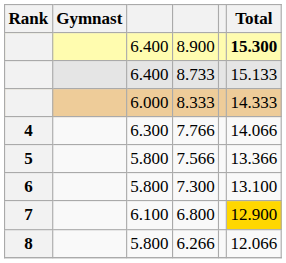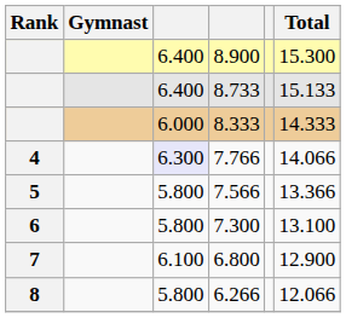 <table class="wikitable sortable" style="text-align:center; font-size:95%">
 <tr>
 <th scope=col>Rank</th>
 <th scope=col>Gymnast</th>
 <th scope=col></th>
 <th scope=col></th>
 <th scope=col></th>
 <th scope=col>Total</th>
 </tr>
 <tr bgcolor=fffcaf>
 <th scope=row style="text-align:center"></th>
 <td align=left></td>
 <td>6.400</td>
 <td>8.900</td>
 <td></td>
-<td><strong>15.300</strong></td>
+<td>15.300</td>
 </tr>
 <tr bgcolor=e5e5e5>
 <th scope=row style="text-align:center"></th>
 <td align=left></td>
 <td>6.400</td>
 <td>8.733</td>
 <td></td>
 <td>15.133</td>
 </tr>
 <tr bgcolor=eecc99>
 <th scope=row style="text-align:center"></th>
 <td align=left></td>
 <td>6.000</td>
 <td>8.333</td>
 <td></td>
 <td>14.333</td>
 </tr>
 <tr>
 <th scope=row style="text-align:center">4</th>
 <td align=left></td>
-<td>6.300</td>
+<td style="background: lavender;">6.300</td>
 <td>7.766</td>
 <td></td>
 <td>14.066</td>
 </tr>
 <tr>
 <th scope=row style="text-align:center">5</th>
 <td align=left></td>
 <td>5.800</td>
 <td>7.566</td>
 <td></td>
 <td>13.366</td>
 </tr>
 <tr>
 <th scope=row style="text-align:center">6</th>
 <td align=left></td>
 <td>5.800</td>
 <td>7.300</td>
 <td></td>
 <td>13.100</td>
 </tr>
 <tr>
 <th scope=row style="text-align:center">7</th>
 <td align=left></td>
 <td>6.100</td>
 <td>6.800</td>
 <td></td>
-<td style="background: gold;">12.900</td>
+<td>12.900</td>
 </tr>
 <tr>
 <th scope=row style="text-align:center">8</th>
 <td align=left></td>
 <td>5.800</td>
 <td>6.266</td>
 <td></td>
 <td>12.066</td>
 </tr>
 <tr>
 </tr>
 </table>
